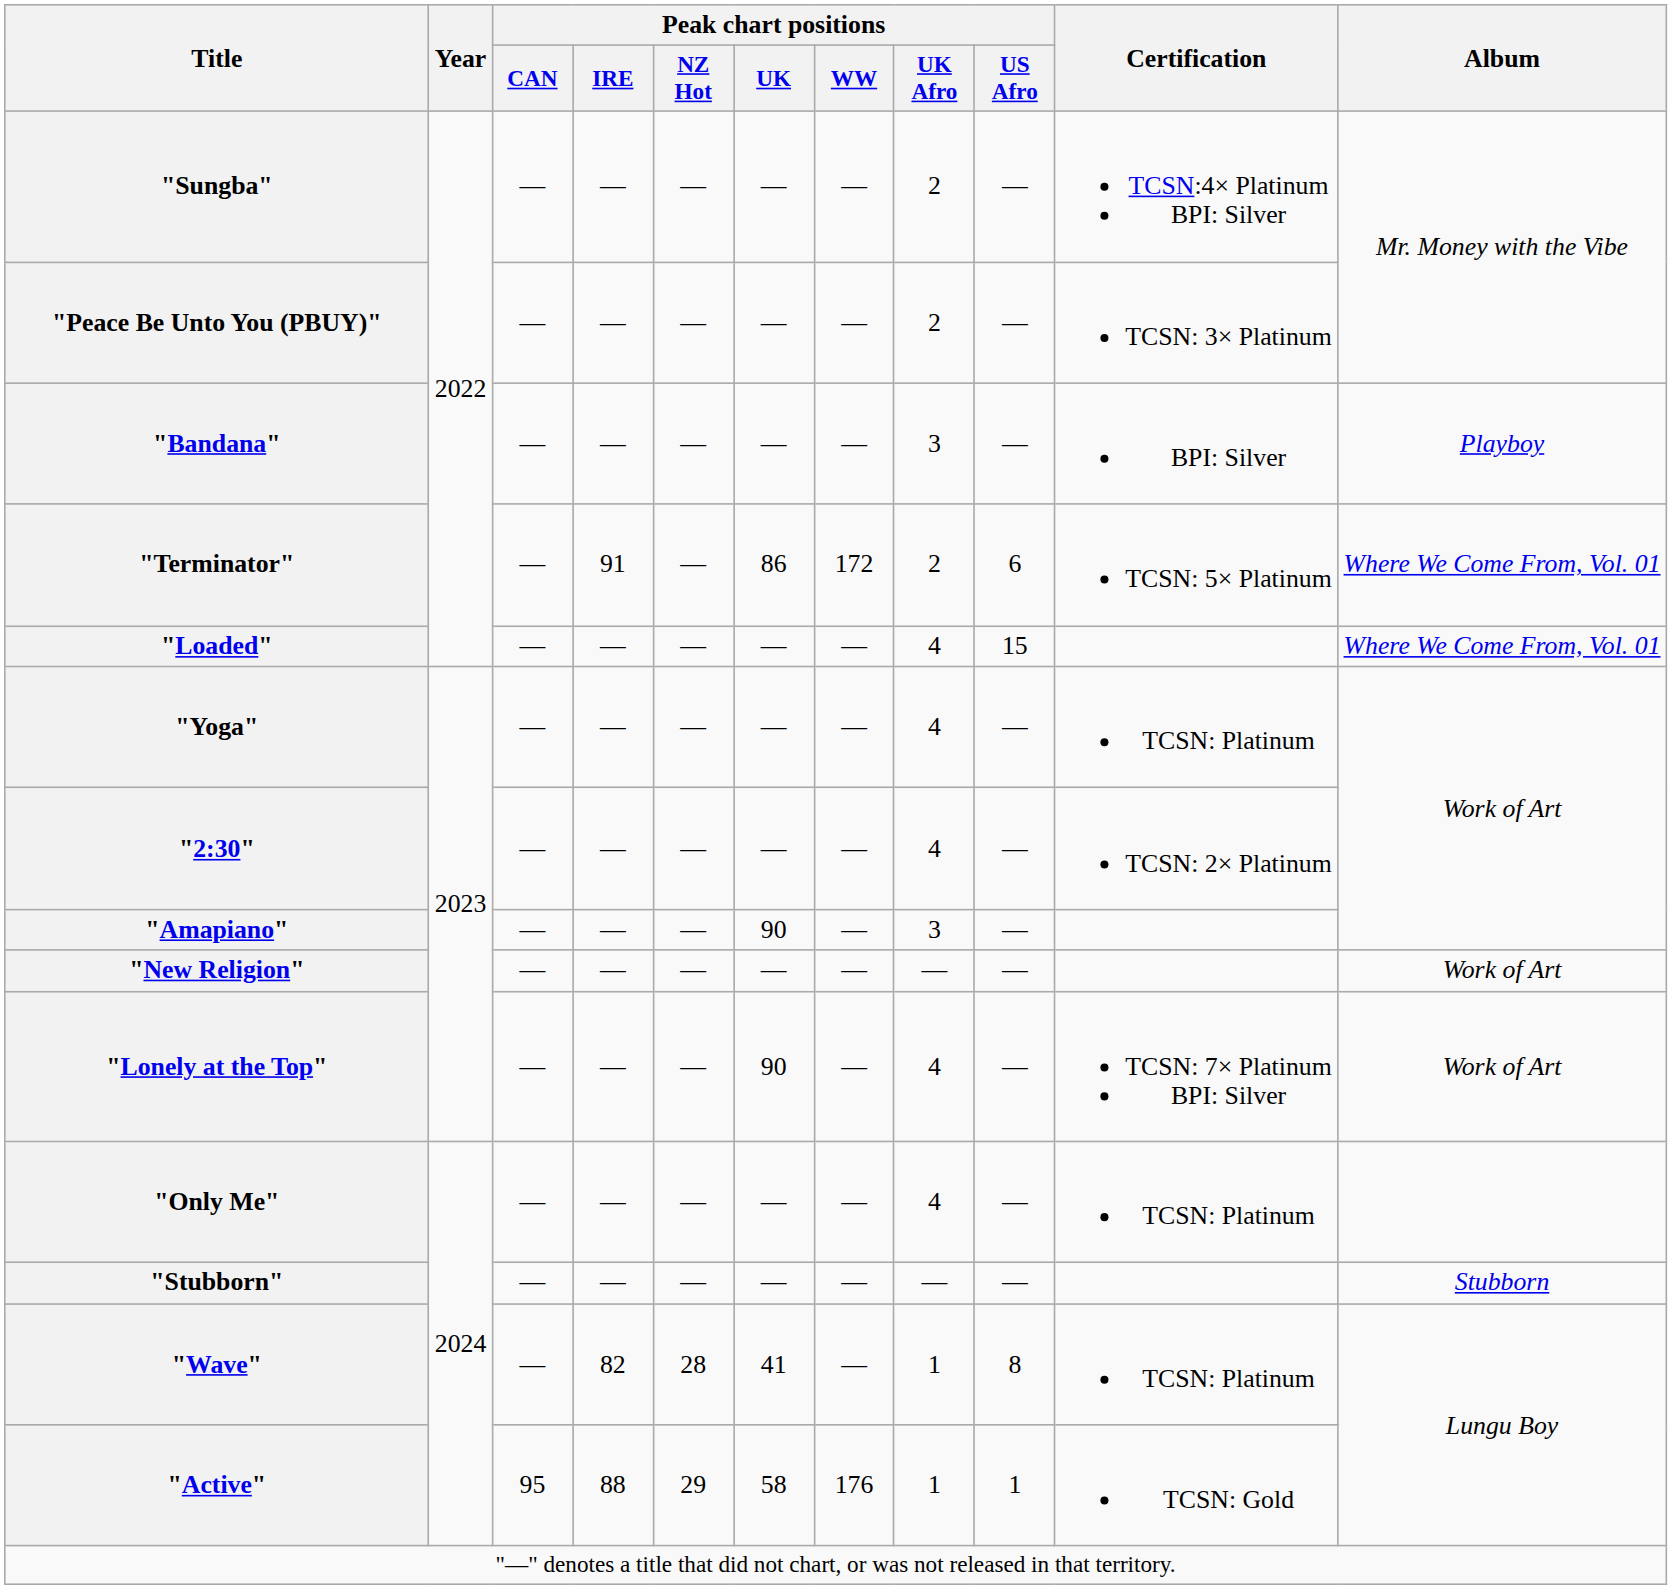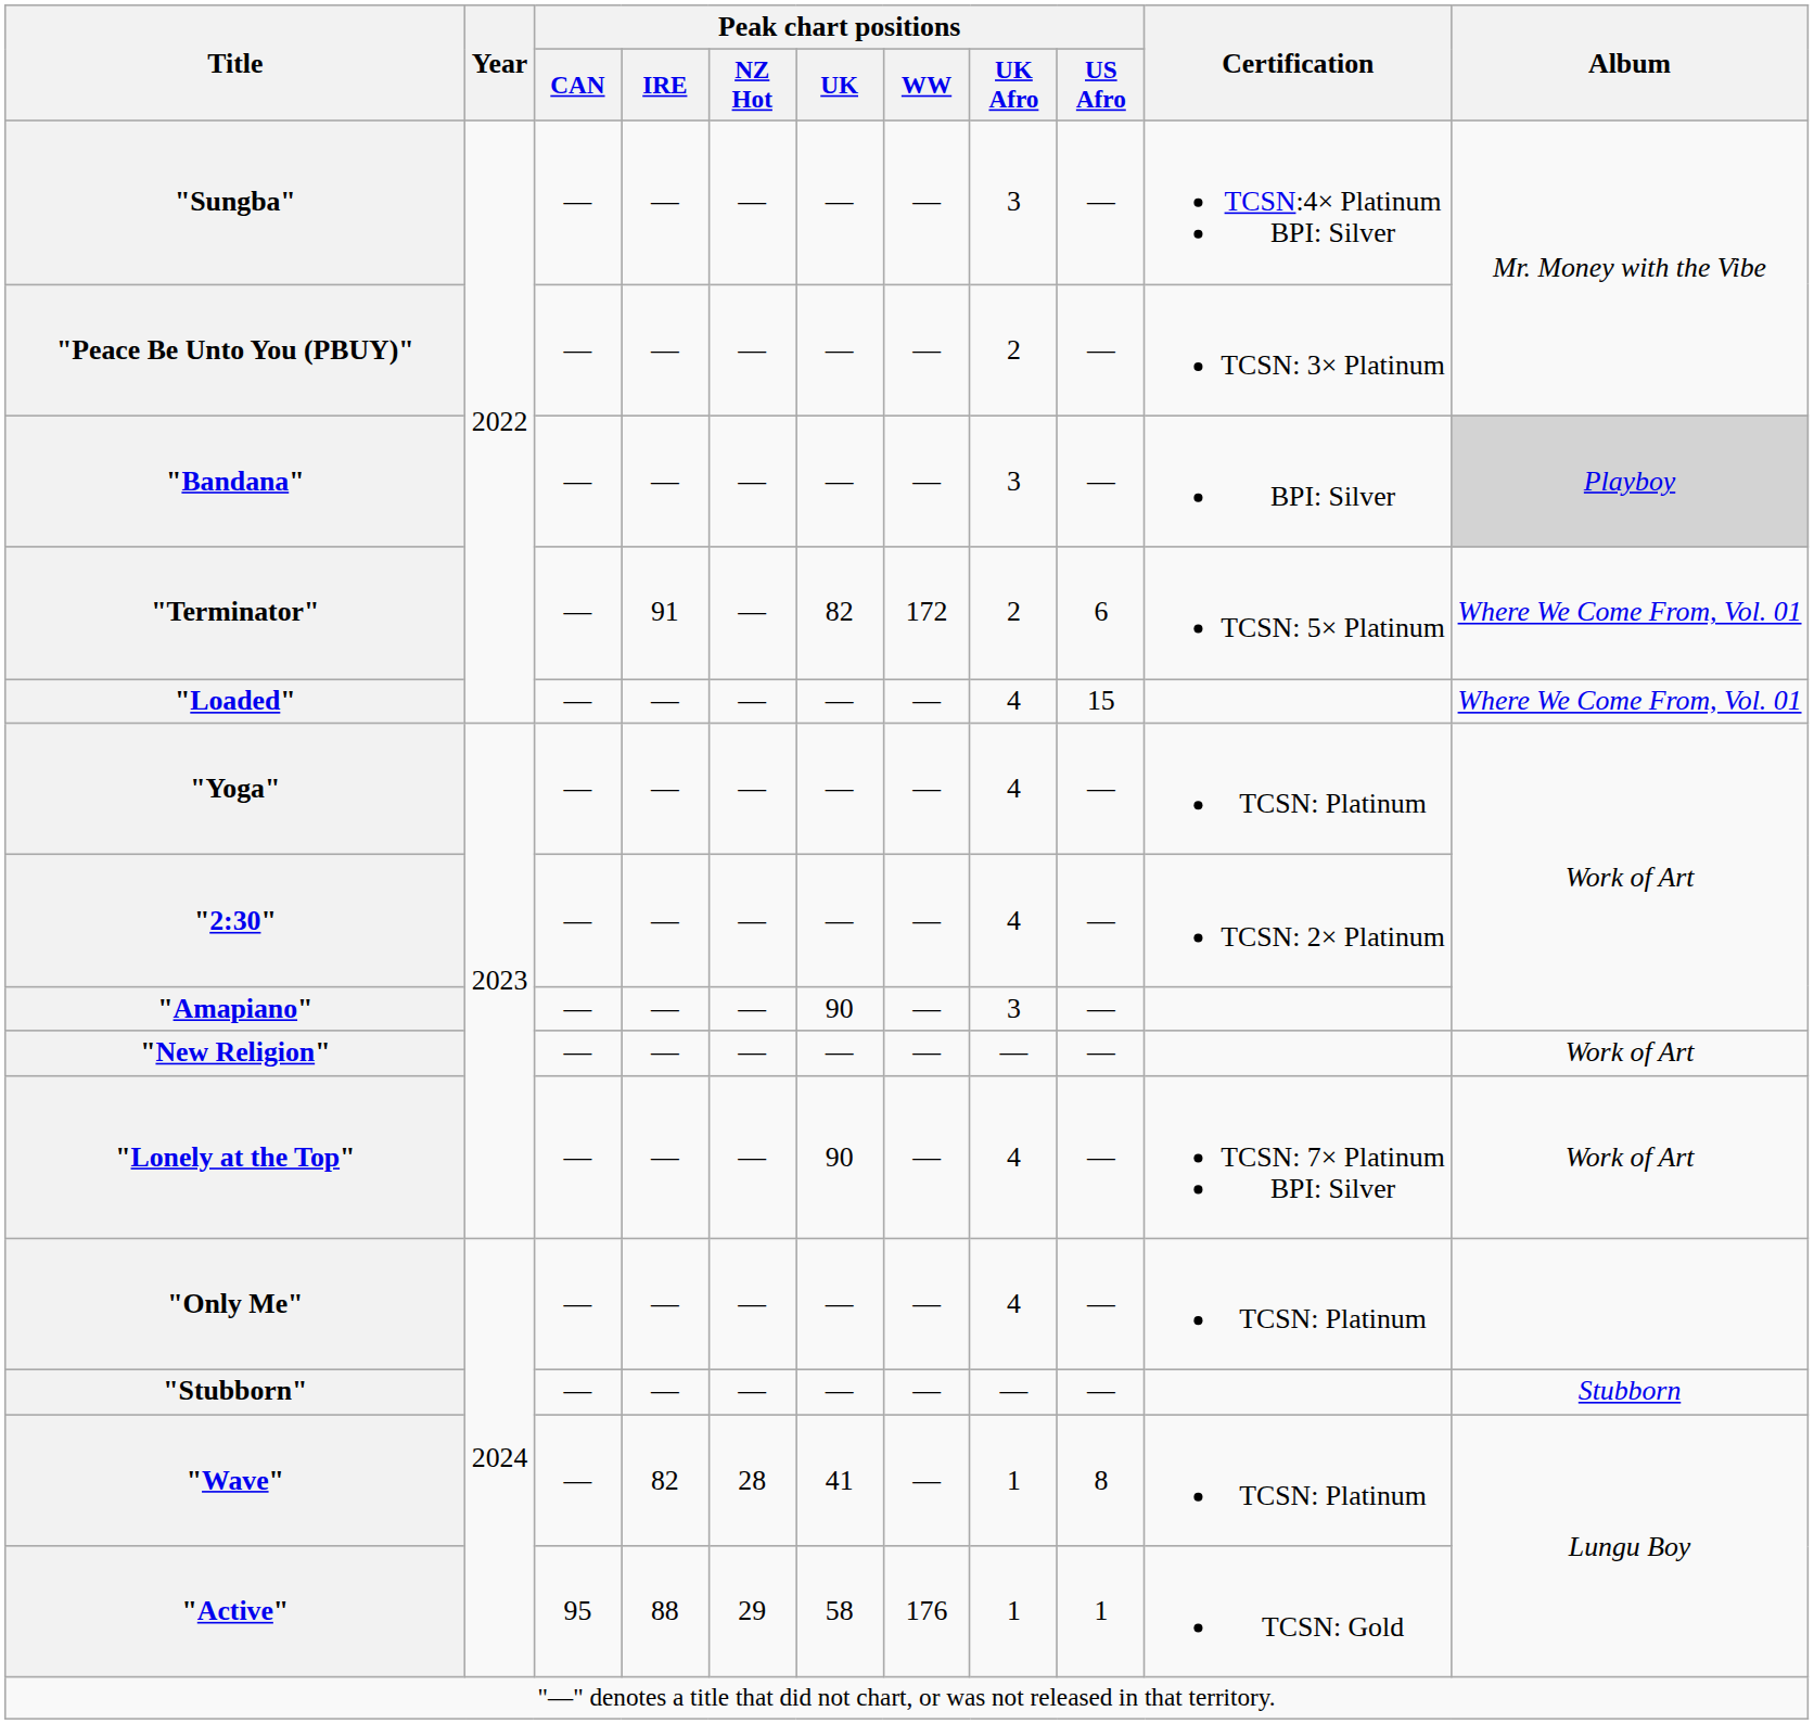 <table class="wikitable plainrowheaders" style="text-align:center">
 <tr>
 <th scope="col" rowspan="2" style="width:16em;">Title</th>
 <th scope="col" rowspan="2">Year</th>
 <th colspan="7" scope="col">Peak chart positions</th>
 <th rowspan="2" scope="col">Certification</th>
 <th rowspan="2" scope="col">Album</th>
 </tr>
 <tr>
 <th scope="col" style="width:3em;font-size:90%;"><a href='#'>CAN</a><br></th>
 <th scope="col" style="width:3em;font-size:90%;"><a href='#'>IRE</a><br></th>
 <th scope="col" style="width:3em;font-size:90%;"><a href='#'>NZ Hot</a><br></th>
 <th scope="col" style="width:3em;font-size:90%;"><a href='#'>UK</a><br></th>
 <th scope="col" style="width:3em;font-size:90%;"><a href='#'>WW</a><br></th>
 <th scope="col" style="width:3em;font-size:90%;"><a href='#'>UK Afro</a><br></th>
 <th scope="col" style="width:3em;font-size:90%;"><a href='#'>US<br>Afro</a><br></th>
 </tr>
 <tr>
 <th scope="row">"Sungba"<br></th>
 <td rowspan="5">2022</td>
 <td>—</td>
 <td>—</td>
 <td>—</td>
 <td>—</td>
 <td>—</td>
-<td>2</td>
+<td>3</td>
 <td>—</td>
 <td><br><ul><li><a href='#'>TCSN</a>:4× Platinum</li><li>BPI: Silver</li></ul></td>
 <td rowspan=2><em>Mr. Money with the Vibe</em></td>
 </tr>
 <tr>
 <th scope="row">"Peace Be Unto You (PBUY)"</th>
 <td>—</td>
 <td>—</td>
 <td>—</td>
 <td>—</td>
 <td>—</td>
 <td>2</td>
 <td>—</td>
 <td><br><ul><li>TCSN: 3× Platinum</li></ul></td>
 </tr>
 <tr>
 <th scope="row">"<a href='#'>Bandana</a>"</th>
 <td>—</td>
 <td>—</td>
 <td>—</td>
 <td>—</td>
 <td>—</td>
 <td>3</td>
 <td>—</td>
 <td><br><ul><li>BPI: Silver</li></ul></td>
-<td><em><a href='#'>Playboy</a></em></td>
+<td style="background: lightgrey;"><em><a href='#'>Playboy</a></em></td>
 </tr>
 <tr>
 <th scope="row">"Terminator"</th>
 <td>—</td>
 <td>91</td>
 <td>—</td>
-<td>86</td>
+<td>82</td>
 <td>172</td>
 <td>2</td>
 <td>6</td>
 <td><br><ul><li>TCSN: 5× Platinum</li></ul></td>
 <td><em><a href='#'>Where We Come From, Vol. 01</a></em></td>
 </tr>
 <tr>
 <th scope="row">"<a href='#'>Loaded</a>"<br></th>
 <td>—</td>
 <td>—</td>
 <td>—</td>
 <td>—</td>
 <td>—</td>
 <td>4</td>
 <td>15</td>
 <td></td>
 <td><em><a href='#'>Where We Come From, Vol. 01</a></em></td>
 </tr>
 <tr>
 <th scope="row">"Yoga"</th>
 <td rowspan="5">2023</td>
 <td>—</td>
 <td>—</td>
 <td>—</td>
 <td>—</td>
 <td>—</td>
 <td>4</td>
 <td>—</td>
 <td><br><ul><li>TCSN: Platinum</li></ul></td>
 <td rowspan="3"><em>Work of Art</em></td>
 </tr>
 <tr>
 <th scope="row">"<a href='#'>2:30</a>"</th>
 <td>—</td>
 <td>—</td>
 <td>—</td>
 <td>—</td>
 <td>—</td>
 <td>4</td>
 <td>—</td>
 <td><br><ul><li>TCSN: 2× Platinum</li></ul></td>
 </tr>
 <tr>
 <th scope="row">"<a href='#'>Amapiano</a>"<br></th>
 <td>—</td>
 <td>—</td>
 <td>—</td>
 <td>90</td>
 <td>—</td>
 <td>3</td>
 <td>—</td>
 <td></td>
 </tr>
 <tr>
 <th scope="row">"<a href='#'>New Religion</a>"<br></th>
 <td>—</td>
 <td>—</td>
 <td>—</td>
 <td>—</td>
 <td>—</td>
 <td>—</td>
 <td>—</td>
 <td></td>
 <td><em>Work of Art</em></td>
 </tr>
 <tr>
 <th scope="row">"<a href='#'>Lonely at the Top</a>"<br></th>
 <td>—</td>
 <td>—</td>
 <td>—</td>
 <td>90</td>
 <td>—</td>
 <td>4</td>
 <td>—</td>
 <td><br><ul><li>TCSN: 7× Platinum</li><li>BPI: Silver</li></ul></td>
 <td><em>Work of Art</em></td>
 </tr>
 <tr>
 <th scope="row">"Only Me"</th>
 <td rowspan="4">2024</td>
 <td>—</td>
 <td>—</td>
 <td>—</td>
 <td>—</td>
 <td>—</td>
 <td>4</td>
 <td>—</td>
 <td><br><ul><li>TCSN: Platinum</li></ul></td>
 <td></td>
 </tr>
 <tr>
 <th scope="row">"Stubborn"<br></th>
 <td>—</td>
 <td>—</td>
 <td>—</td>
 <td>—</td>
 <td>—</td>
 <td>—</td>
 <td>—</td>
 <td></td>
 <td><em><a href='#'>Stubborn</a></em></td>
 </tr>
 <tr>
 <th scope="row">"<a href='#'>Wave</a>"<br></th>
 <td>—</td>
 <td>82</td>
 <td>28</td>
 <td>41</td>
 <td>—</td>
 <td>1</td>
 <td>8</td>
 <td><br><ul><li>TCSN: Platinum</li></ul></td>
 <td rowspan="2"><em>Lungu Boy</em></td>
 </tr>
 <tr>
 <th scope="row">"<a href='#'>Active</a>"<br></th>
 <td>95</td>
 <td>88</td>
 <td>29</td>
 <td>58</td>
 <td>176</td>
 <td>1</td>
 <td>1</td>
 <td><br><ul><li>TCSN: Gold</li></ul></td>
 </tr>
 <tr>
 <td colspan="14" style="font-size:90%">"—" denotes a title that did not chart, or was not released in that territory.</td>
 </tr>
 </table>
